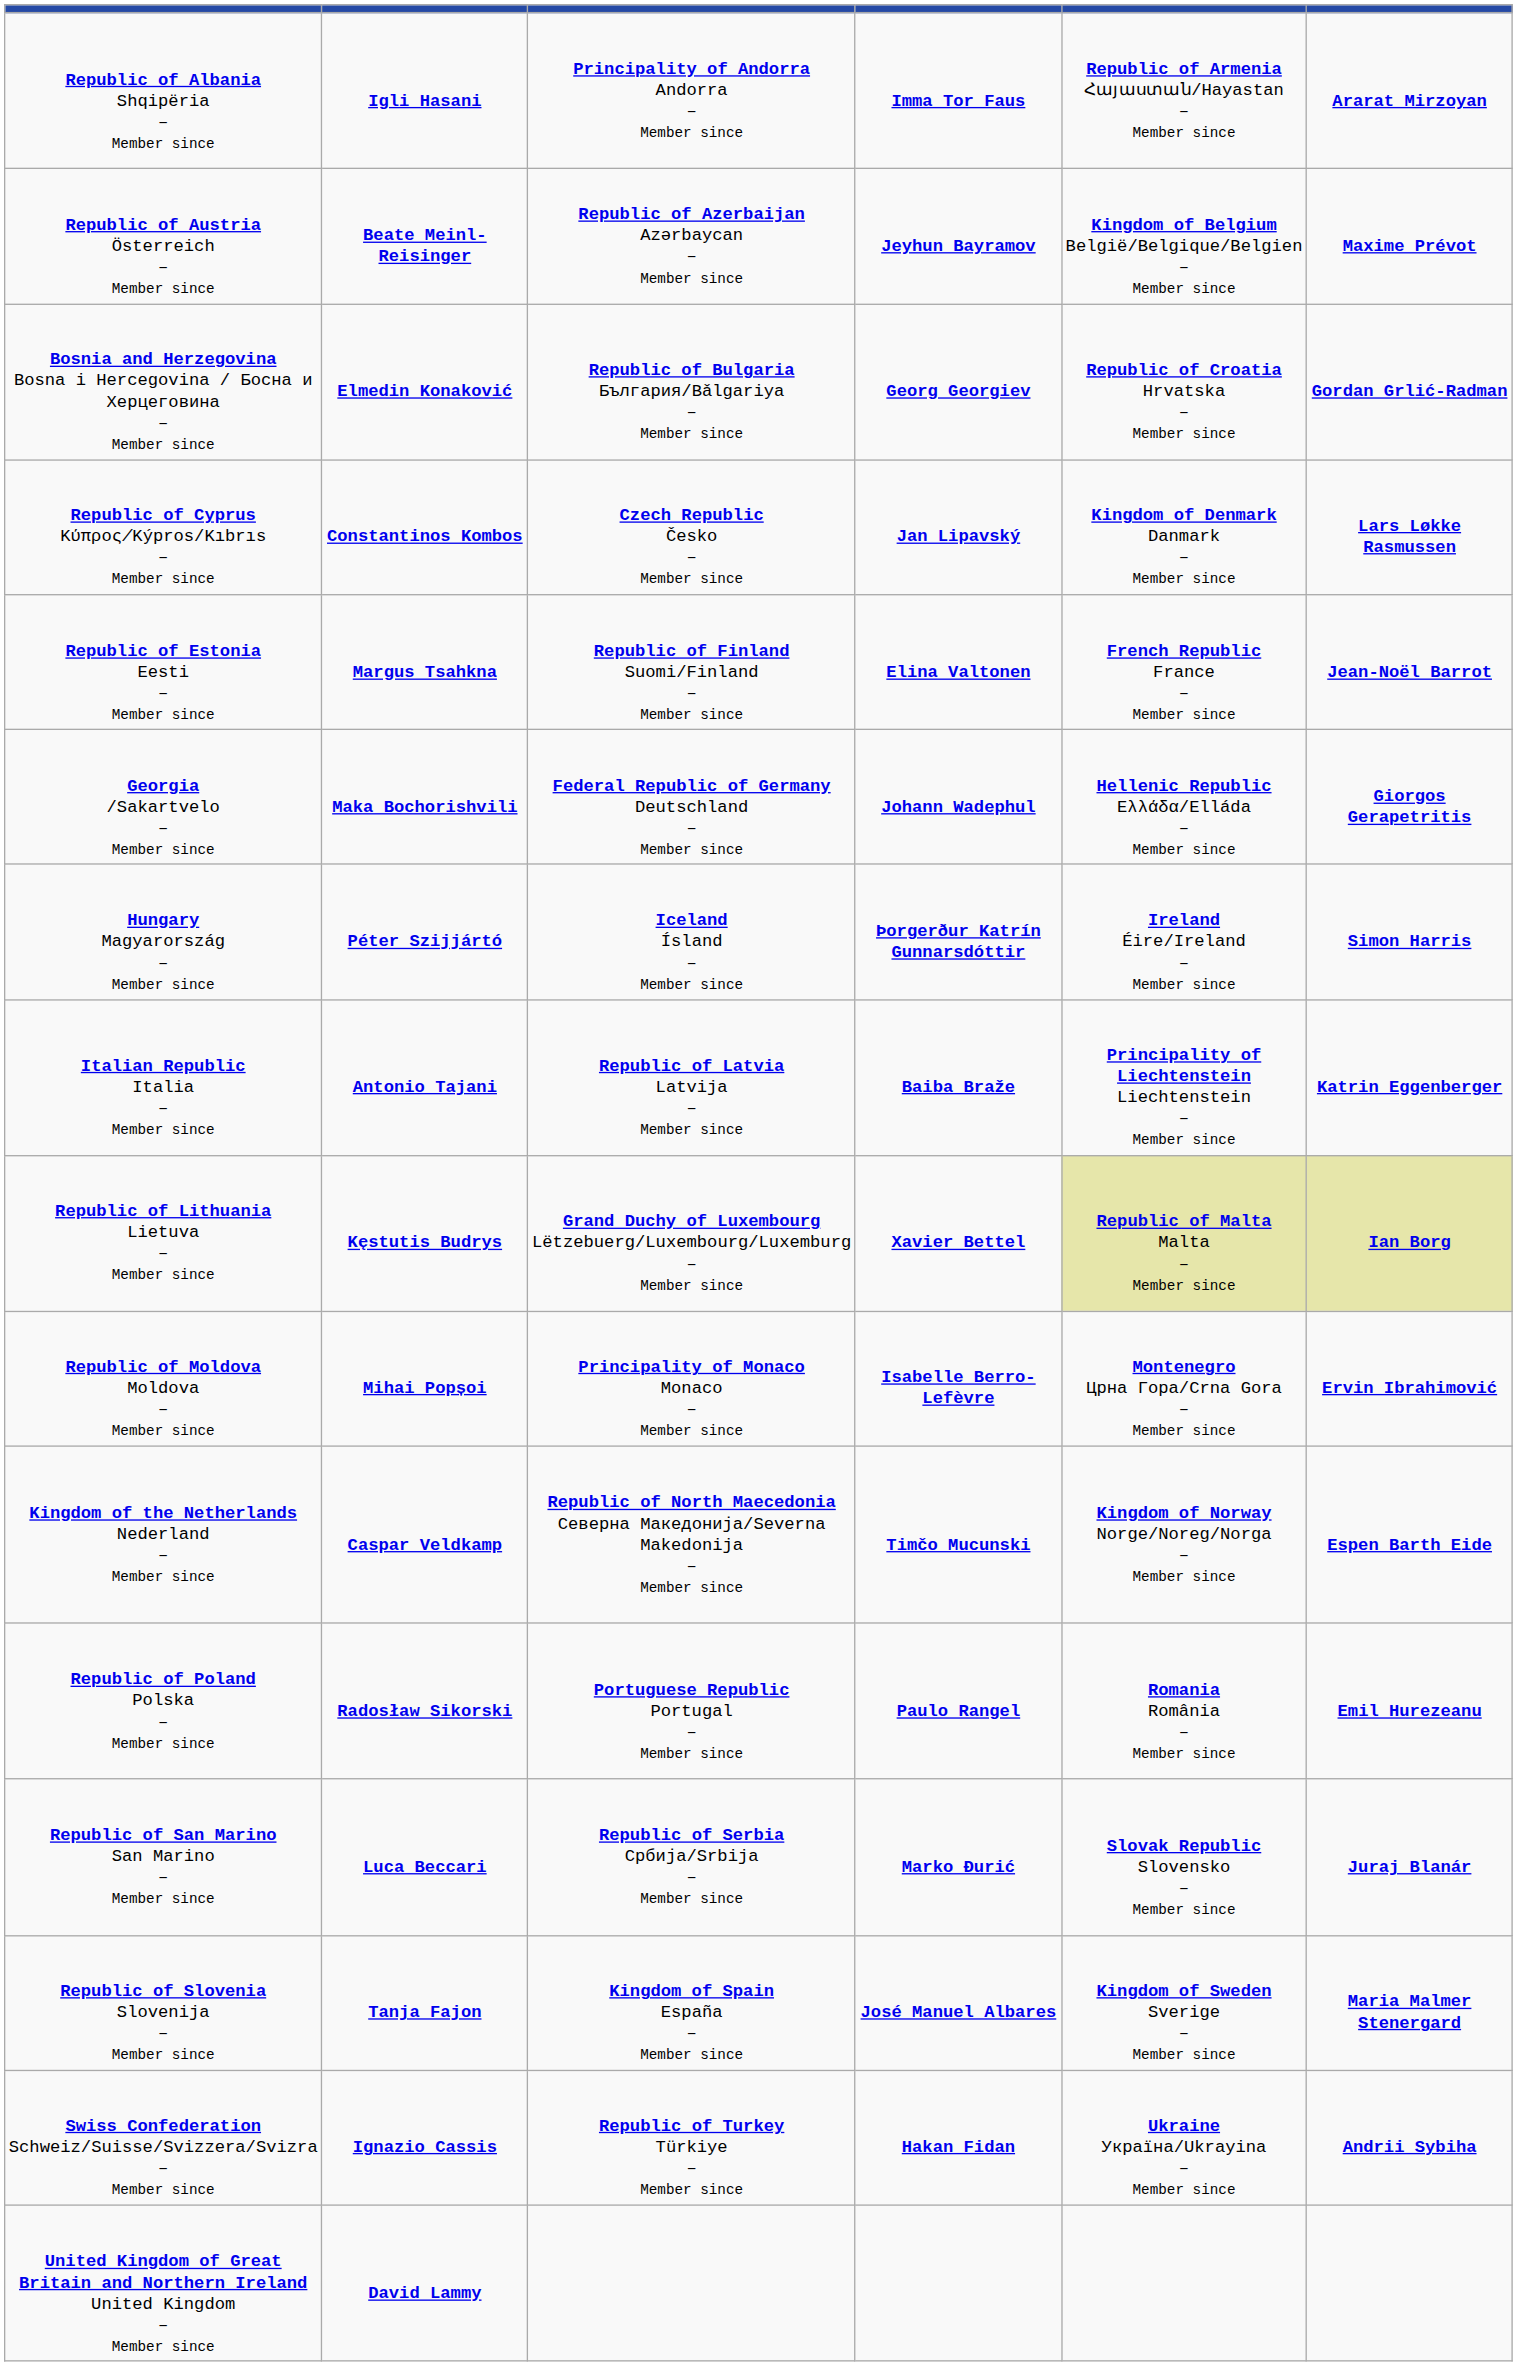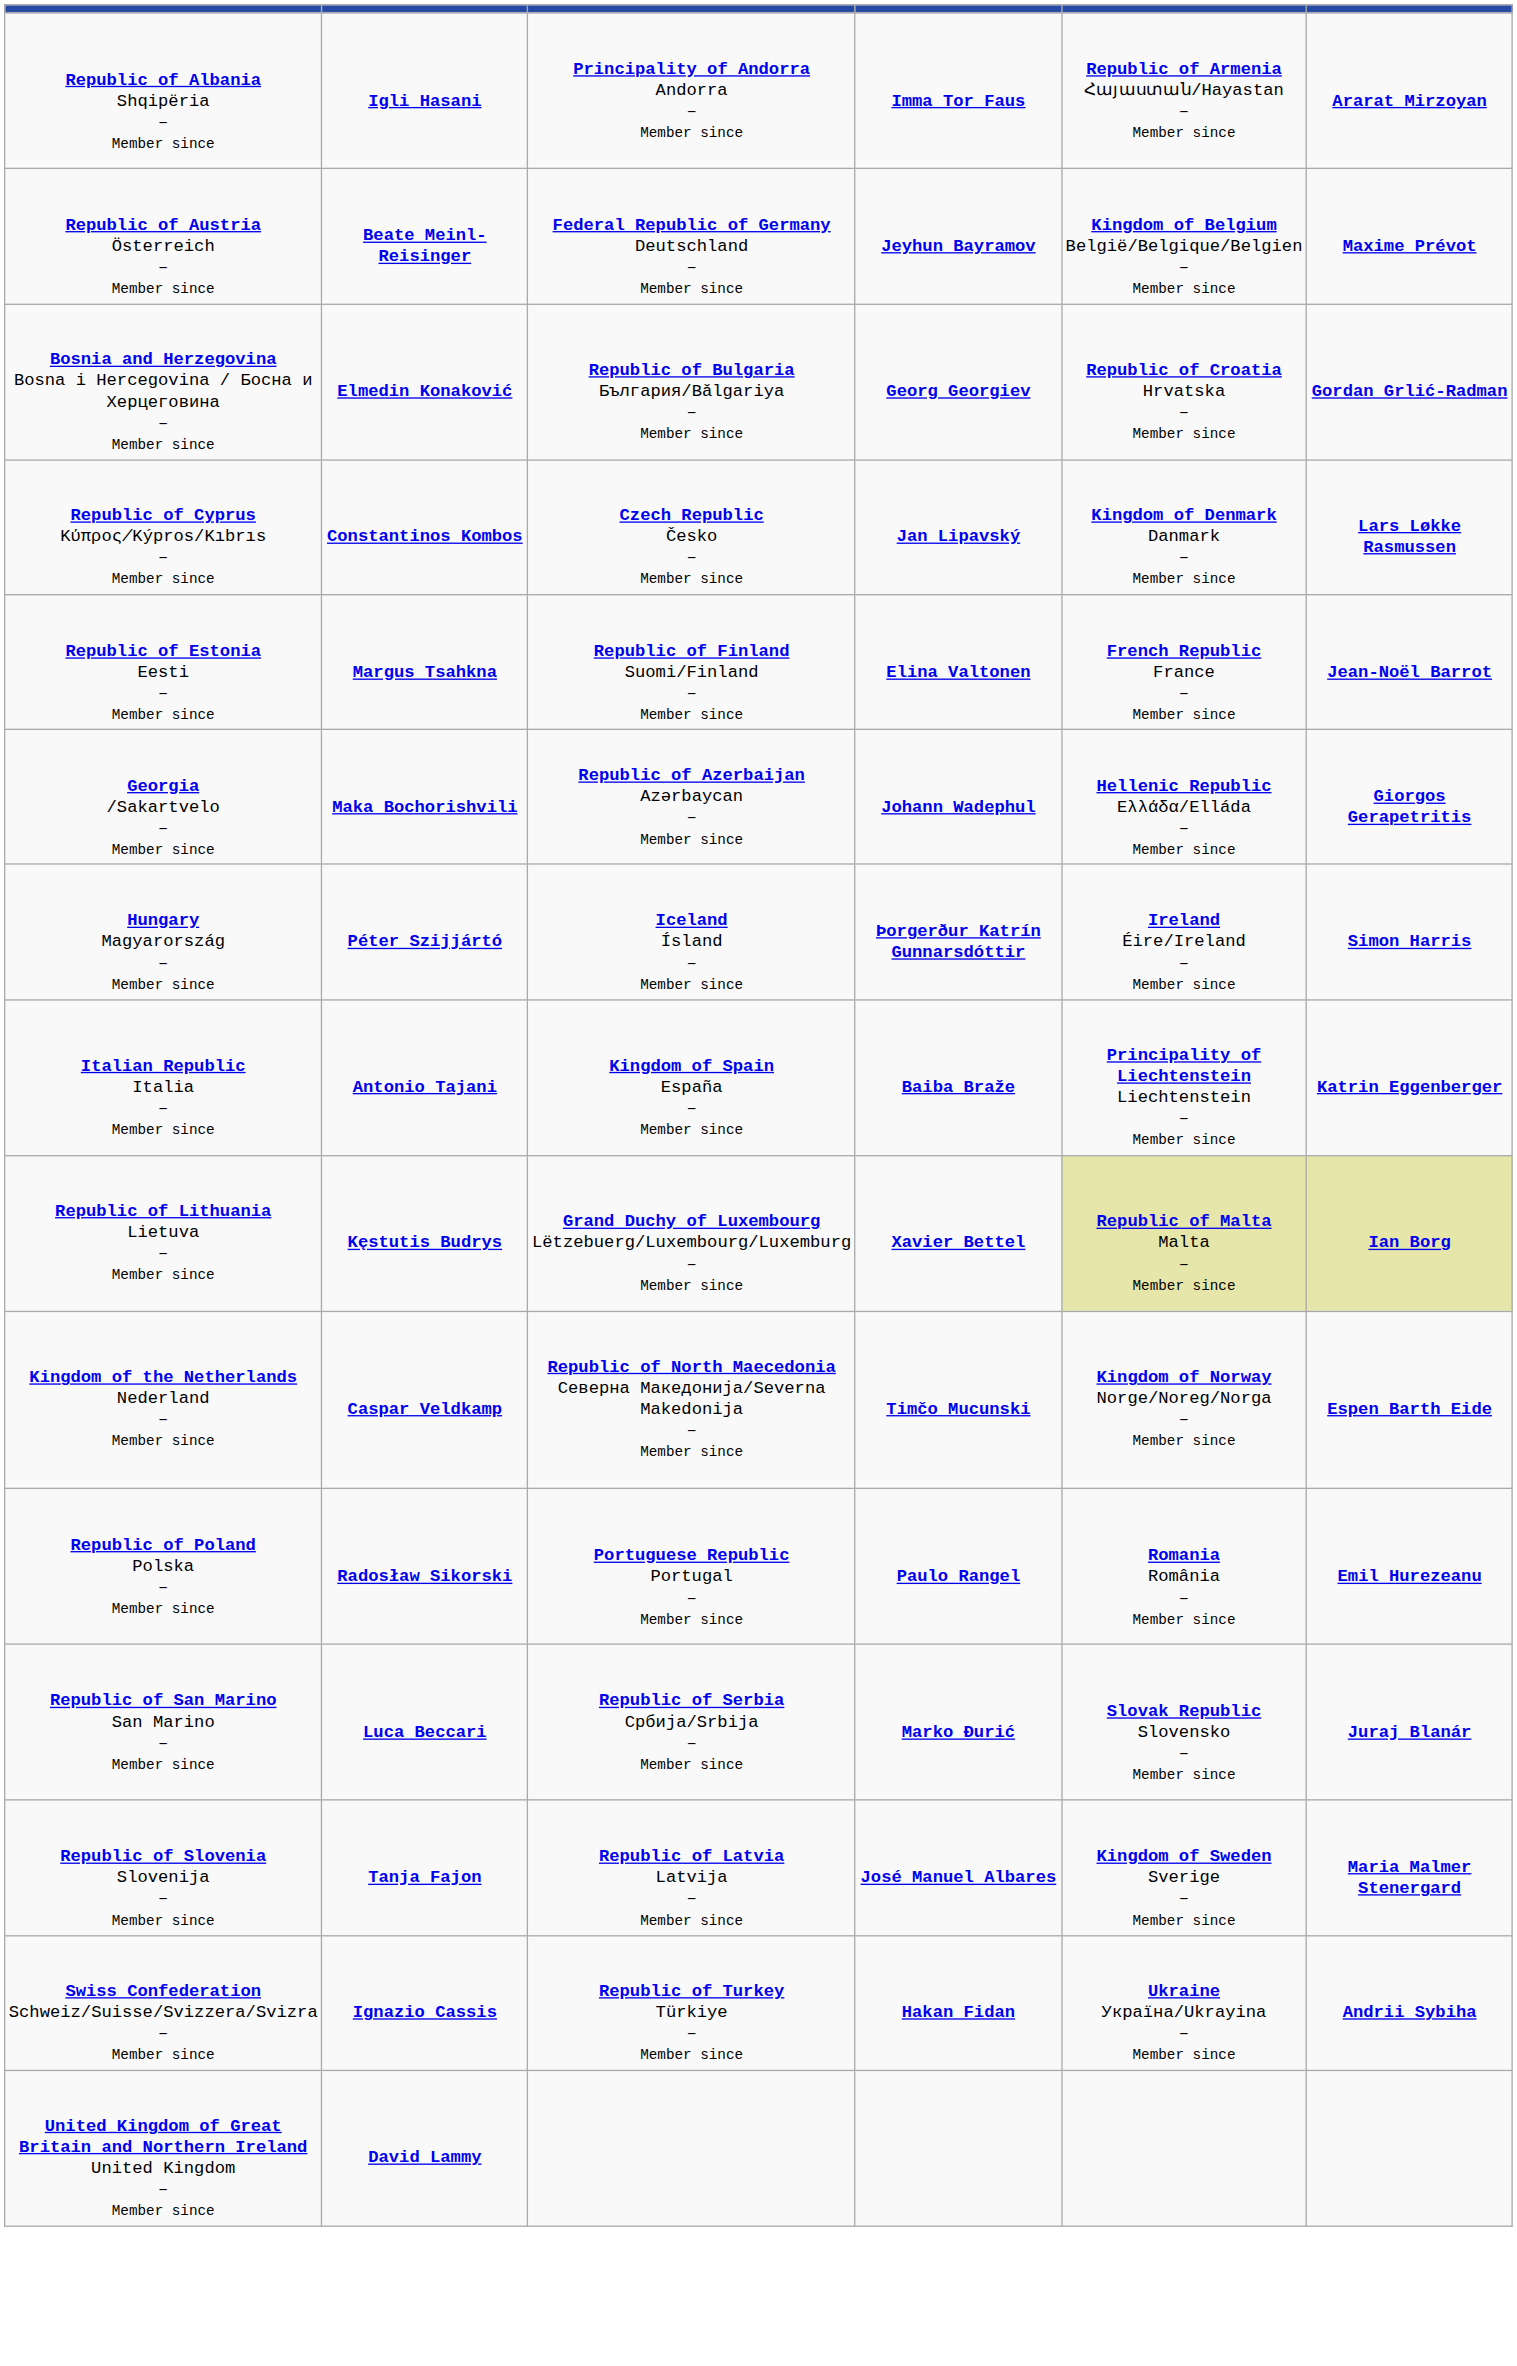 <table class="wikitable" style="text-align: center; line-height:16px;">
 <tr>
 <td style="width:150px;background-color:#2549a5"></td>
 <td style="width:150px;background-color:#2549a5"></td>
 <td style="width:150px;background-color:#2549a5"></td>
 <td style="width:150px;background-color:#2549a5"></td>
 <td style="width:150px;background-color:#2549a5"></td>
 <td style="width:150px;background-color:#2549a5"></td>
 </tr>
 <tr>
 <td style="width:150px;"><br><br><strong><a href='#'>Republic of Albania</a></strong><br>Shqipëria<br>–<br><small>Member since<br></small></td>
 <td style="width:150px;"><br><strong><a href='#'>Igli Hasani</a></strong></td>
 <td style="width:150px;"><br><br><strong><a href='#'>Principality of Andorra</a></strong><br>Andorra<small><br></small>–<br><small>Member since<br><br></small></td>
 <td style="width:150px;"><br><strong><a href='#'>Imma Tor Faus</a></strong></td>
 <td style="width:150px;"><br><br><strong><a href='#'>Republic of Armenia</a></strong><br>Հայաստան/Hayastan<br>–<br><small>Member since<br></small><br></td>
 <td style="width:150px;"><br><strong><a href='#'>Ararat Mirzoyan</a></strong></td>
 </tr>
 <tr>
 <td style="width:150px;"><br><br><strong><a href='#'>Republic of Austria</a></strong><br>Österreich<br>–<br><small>Member since<br></small></td>
 <td style="width:150px;"><br><strong><a href='#'>Beate Meinl-Reisinger</a></strong></td>
-<td><br><a href='#'><strong>Republic of Azerbaijan</strong></a><br>Azərbaycan<br>–<br><small>Member since<br></small></td>
+<td style="width:150px;"><br><br><strong><a href='#'>Federal Republic of Germany</a></strong><br>Deutschland<br>–<br><small>Member since<br></small></td>
 <td style="width:150px;"><small><br></small><strong><a href='#'>Jeyhun Bayramov</a></strong></td>
 <td style="width:150px;"><br><br><strong><a href='#'>Kingdom of Belgium</a></strong><br>België/Belgique/Belgien<br>–<br><small>Member since<br></small></td>
 <td style="width:150px;"><br><strong><a href='#'>Maxime Prévot</a></strong></td>
 </tr>
 <tr>
 <td><br><br><strong><a href='#'>Bosnia and Herzegovina</a></strong><br>Bosna i Hercegovina / Боснa и Херцеговина<br>–<br><small>Member since<br></small></td>
 <td style="width:150px;"><br><strong><a href='#'>Elmedin Konaković</a></strong></td>
 <td style="width:150px;"><br><br><strong><a href='#'>Republic of Bulgaria</a></strong><br>България/Bǎlgariya<br>–<br><small>Member since<br></small></td>
 <td style="width:150px;"><br><strong><a href='#'>Georg Georgiev</a></strong></td>
 <td style="width:150px;"><br><br><a href='#'><strong>Republic of Croatia</strong></a><br>Hrvatska<br>–<br><small>Member since<br></small></td>
 <td style="width:150px;"><br><strong><a href='#'>Gordan Grlić-Radman</a></strong></td>
 </tr>
 <tr>
 <td style="width:150px;"><br><br><strong><a href='#'>Republic of Cyprus</a></strong><br>Κύπρος<em>/</em>Kýpros/Kıbrıs<br>–<br><small>Member since<br></small></td>
 <td rstyle="width:150px;"><br><strong><a href='#'>Constantinos Kombos</a></strong></td>
 <td style="width:150px;"><br><br><strong><a href='#'>Czech Republic</a></strong><br>Česko<br>–<br><small>Member since<br></small></td>
 <td style="width:150px;"><br><strong><a href='#'>Jan Lipavský</a></strong></td>
 <td rstyle="width:150px;"><br><br><strong><a href='#'>Kingdom of Denmark</a></strong><br>Danmark<br>–<br><small>Member since<br></small></td>
 <td><br><strong><a href='#'>Lars Løkke Rasmussen</a></strong></td>
 </tr>
 <tr>
 <td style="width:150px;"><br><br><strong><a href='#'>Republic of Estonia</a></strong><br>Eesti<br>–<br><small>Member since<br></small></td>
 <td style="width:150px;"><br><strong><a href='#'>Margus Tsahkna</a></strong></td>
 <td style="width:150px;"><br><br><strong><a href='#'>Republic of Finland</a></strong><br>Suomi/Finland<br>–<br><small>Member since<br></small></td>
 <td style="width:150px;"><br><strong><a href='#'>Elina Valtonen</a></strong></td>
 <td style="width:150px;"><br><br><strong><a href='#'>French Republic</a></strong><br>France<br>–<br><small>Member since<br></small></td>
 <td style="width:150px;"><br><strong><a href='#'>Jean-Noël Barrot</a></strong></td>
 </tr>
 <tr>
 <td style="width:150px;"><br><br><strong><a href='#'>Georgia</a></strong><br>/Sakartvelo<br>–<br><small>Member since<br></small></td>
 <td style="width:150px;"><br><strong><a href='#'>Maka Bochorishvili</a></strong></td>
-<td style="width:150px;"><br><br><strong><a href='#'>Federal Republic of Germany</a></strong><br>Deutschland<br>–<br><small>Member since<br></small></td>
+<td><br><a href='#'><strong>Republic of Azerbaijan</strong></a><br>Azərbaycan<br>–<br><small>Member since<br></small></td>
 <td style="width:150px;"><br><strong><a href='#'>Johann Wadephul</a></strong></td>
 <td style="width:150px;"><br><br><strong><a href='#'>Hellenic Republic</a></strong><br>Ελλάδα/Elláda<br>–<br><small>Member since<br></small></td>
 <td style="width:150px;"><br><strong><a href='#'>Giorgos Gerapetritis</a></strong></td>
 </tr>
 <tr>
 <td style="width:150px;"><br><br><strong><a href='#'>Hungary</a></strong><br>Magyarország<br>–<br><small>Member since<br></small></td>
 <td style="width:150px;"><br><strong><a href='#'>Péter Szijjártó</a></strong></td>
 <td style="width:150px;"><br><br><strong><a href='#'>Iceland</a></strong><br>Ísland<br>–<br><small>Member since<br></small></td>
 <td style="width:150px;"><br><strong><a href='#'>Þorgerður Katrín Gunnarsdóttir</a></strong></td>
 <td style="width:150px;"><br><br><strong><a href='#'>Ireland</a></strong><br>Éire/Ireland<br>–<br><small>Member since<br></small></td>
 <td style="width:150px;"><br><strong><a href='#'>Simon Harris</a></strong></td>
 </tr>
 <tr>
 <td style="width:150px;"><br><br><strong><a href='#'>Italian Republic</a></strong><br>Italia<br>–<br><small>Member since<br></small></td>
 <td style="width:150px;"><br><strong><a href='#'>Antonio Tajani</a></strong></td>
-<td style="width:150px;"><br><br><strong><a href='#'>Republic of Latvia</a></strong><br>Latvija<br>–<br><small>Member since<br></small></td>
+<td><br><br><strong><a href='#'>Kingdom of Spain</a></strong><br>España<br>–<br><small>Member since<br></small></td>
 <td style="width:150px;"><br><strong><a href='#'>Baiba Braže</a></strong></td>
 <td style="width:150px;"><br><br><strong><a href='#'>Principality of Liechtenstein</a></strong><br>Liechtenstein<br>–<br><small>Member since<br></small></td>
 <td style="width:150px;"><br><strong><a href='#'>Katrin Eggenberger</a></strong></td>
 </tr>
 <tr>
 <td style="width:150px;"><br><br><strong><a href='#'>Republic of Lithuania</a></strong><br>Lietuva<br>–<br><small>Member since<br></small><br></td>
 <td style="width:150px;"><br><strong><a href='#'>Kęstutis Budrys</a></strong></td>
 <td style="width:150px;"><br><br><strong><a href='#'>Grand Duchy of Luxembourg</a></strong><br>Lëtzebuerg/Luxembourg/Luxemburg<br>–<br><small>Member since<br></small></td>
 <td style="width:150px;"><br><strong><a href='#'>Xavier Bettel</a></strong></td>
 <td style="width:150px;" bgcolor="#E6E6AA"><br><br><strong><a href='#'>Republic of Malta</a></strong><br>Malta<br>–<br><small>Member since<br></small></td>
 <td style="width:150px;" bgcolor="#E6E6AA"><br><strong><a href='#'>Ian Borg</a></strong></td>
-</tr>
-<tr>
-<td><br><br><strong><a href='#'>Republic of Moldova</a></strong><br>Moldova<br>–<br><small>Member since<br></small></td>
-<td><br><strong><a href='#'>Mihai Popșoi</a></strong></td>
-<td><br><br><strong><a href='#'>Principality of Monaco</a></strong><br>Monaco<br>–<br><small>Member since<br></small></td>
-<td><br><strong><a href='#'>Isabelle Berro-Lefèvre</a></strong></td>
-<td><br><br><strong><a href='#'>Montenegro</a></strong><br>Црна Гора/Crna Gora<br>–<br><small>Member since<br></small></td>
-<td><br><strong><a href='#'>Ervin Ibrahimović</a></strong></td>
 </tr>
 <tr>
 <td><br><br><strong><a href='#'>Kingdom of the Netherlands</a></strong><br>Nederland<br>–<br><small>Member since<br></small><br></td>
 <td><br><strong><a href='#'>Caspar Veldkamp</a></strong></td>
 <td><br><br><strong><a href='#'>Republic of North Maecedonia</a></strong><br>Северна Македонија/Severna Makedonija<br>–<br><small>Member since<br></small><br></td>
 <td><br><strong><a href='#'>Timčo Mucunski</a></strong></td>
 <td><br><br><strong><a href='#'>Kingdom of Norway</a></strong><br>Norge/Noreg/Norga<br>–<br><small>Member since<br></small><br></td>
 <td><br><strong><a href='#'>Espen Barth Eide</a></strong></td>
 </tr>
 <tr>
 <td><br><br><strong><a href='#'>Republic of Poland</a></strong><br>Polska<br>–<br><small>Member since<br></small><br></td>
 <td><br><strong><a href='#'>Radosław Sikorski</a></strong></td>
 <td><br><br><strong><a href='#'>Portuguese Republic</a></strong><br>Portugal<br>–<br><small>Member since<br></small></td>
 <td><br><strong><a href='#'>Paulo Rangel</a></strong></td>
 <td><br><br><strong><a href='#'>Romania</a></strong><br>România<br>–<br><small>Member since<br></small></td>
 <td><br><strong><a href='#'>Emil Hurezeanu</a></strong></td>
 </tr>
 <tr>
 <td><br><br><strong><a href='#'>Republic of San Marino</a></strong><br>San Marino<br>–<br><small>Member since<br></small><br></td>
 <td><br><strong><a href='#'>Luca Beccari</a></strong></td>
 <td><br><br><strong><a href='#'>Republic of Serbia</a></strong><br>Србија/Srbija<br>–<br><small>Member since<br></small><br></td>
 <td><br><strong><a href='#'>Marko Đurić</a></strong></td>
 <td><br><br><strong><a href='#'>Slovak Republic</a></strong><br>Slovensko<br>–<br><small>Member since<br></small></td>
 <td><br><strong><a href='#'>Juraj Blanár</a></strong></td>
 </tr>
 <tr>
 <td><br><br><strong><a href='#'>Republic of Slovenia</a></strong><br>Slovenija<br>–<br><small>Member since<br></small></td>
 <td><br><strong><a href='#'>Tanja Fajon</a></strong></td>
-<td><br><br><strong><a href='#'>Kingdom of Spain</a></strong><br>España<br>–<br><small>Member since<br></small></td>
+<td style="width:150px;"><br><br><strong><a href='#'>Republic of Latvia</a></strong><br>Latvija<br>–<br><small>Member since<br></small></td>
 <td><br><strong><a href='#'>José Manuel Albares</a></strong></td>
 <td><br><br><strong><a href='#'>Kingdom of Sweden</a></strong><br>Sverige<br>–<br><small>Member since<br></small></td>
 <td><br><strong><a href='#'>Maria Malmer Stenergard</a></strong></td>
 </tr>
 <tr>
 <td><br><br><strong><a href='#'>Swiss Confederation</a></strong><br>Schweiz/Suisse/Svizzera/Svizra<br>–<br><small>Member since<br></small></td>
 <td><br><strong><a href='#'>Ignazio Cassis</a></strong></td>
 <td><br><br><strong><a href='#'>Republic of Turkey</a></strong><br>Türkiye<br>–<br><small>Member since<br></small></td>
 <td><br><strong><a href='#'>Hakan Fidan</a></strong></td>
 <td><br><br><strong><a href='#'>Ukraine</a></strong><br>Україна/Ukrayina<br>–<br><small>Member since<br></small></td>
 <td><br><strong><a href='#'>Andrii Sybiha</a></strong></td>
 </tr>
 <tr>
 <td><br><br><strong><a href='#'>United Kingdom of Great Britain and Northern Ireland</a></strong><br>United Kingdom<br>–<br><small>Member since<br></small></td>
 <td><br><strong><a href='#'>David Lammy</a></strong></td>
 <td></td>
 <td></td>
 <td></td>
 </tr>
 </table>
